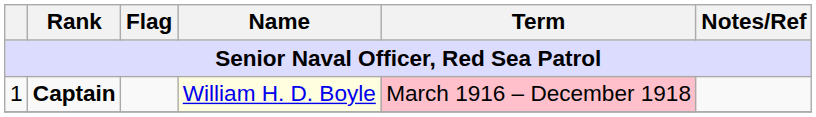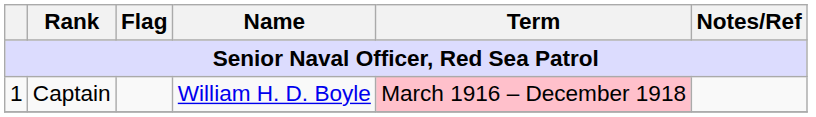 <table class="wikitable">
 <tr>
 <th></th>
 <th>Rank</th>
 <th>Flag</th>
 <th>Name</th>
 <th>Term</th>
 <th>Notes/Ref</th>
 </tr>
 <tr>
 <td colspan="6" align="center" style="background:#dcdcfe;"><strong>Senior Naval Officer, Red Sea Patrol</strong> </td>
 </tr>
 <tr>
 <td>1</td>
-<td><strong>Captain</strong></td>
+<td>Captain</td>
 <td></td>
-<td style="background: lightyellow;"><a href='#'>William H. D. Boyle</a></td>
+<td><a href='#'>William H. D. Boyle</a></td>
 <td style="background: pink;">March 1916 – December 1918</td>
 <td></td>
 </tr>
 <tr>
 </tr>
 </table>
